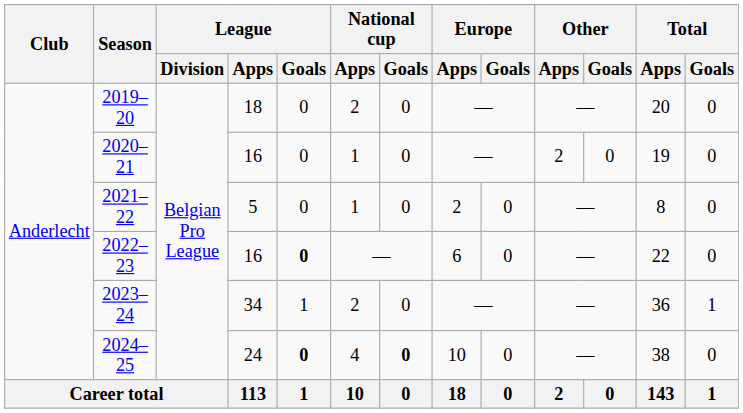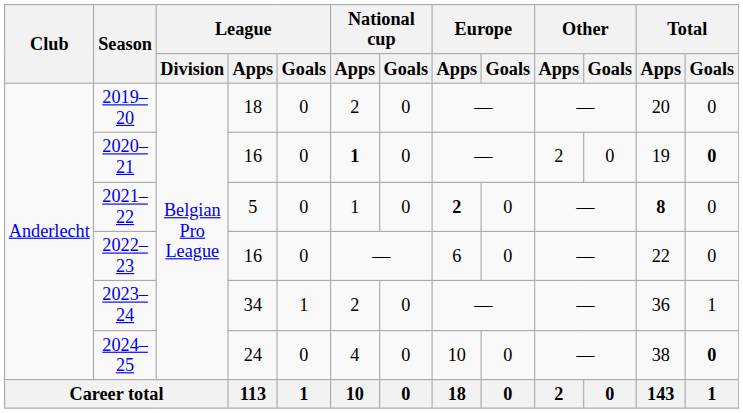 <table class=wikitable style=text-align:center>
 <tr>
 <th rowspan="2">Club</th>
 <th rowspan="2">Season</th>
 <th colspan="3">League</th>
 <th colspan="2">National cup</th>
 <th colspan="2">Europe</th>
 <th colspan="2">Other</th>
 <th colspan="2">Total</th>
 </tr>
 <tr>
 <th>Division</th>
 <th>Apps</th>
 <th>Goals</th>
 <th>Apps</th>
 <th>Goals</th>
 <th>Apps</th>
 <th>Goals</th>
 <th>Apps</th>
 <th>Goals</th>
 <th>Apps</th>
 <th>Goals</th>
 </tr>
 <tr>
 <td rowspan="6"><a href='#'>Anderlecht</a></td>
 <td><a href='#'>2019–20</a></td>
 <td rowspan="6"><a href='#'>Belgian Pro League</a></td>
 <td>18</td>
 <td>0</td>
 <td>2</td>
 <td>0</td>
 <td colspan="2">—</td>
 <td colspan="2">—</td>
 <td>20</td>
 <td>0</td>
 </tr>
 <tr>
 <td><a href='#'>2020–21</a></td>
 <td>16</td>
 <td>0</td>
-<td>1</td>
+<td><strong>1</strong></td>
 <td>0</td>
 <td colspan="2">—</td>
 <td>2</td>
 <td>0</td>
 <td>19</td>
-<td>0</td>
+<td><strong>0</strong></td>
 </tr>
 <tr>
 <td><a href='#'>2021–22</a></td>
 <td>5</td>
 <td>0</td>
 <td>1</td>
 <td>0</td>
-<td>2</td>
+<td><strong>2</strong></td>
 <td>0</td>
 <td colspan="2">—</td>
-<td>8</td>
+<td><strong>8</strong></td>
 <td>0</td>
 </tr>
 <tr>
 <td><a href='#'>2022–23</a></td>
 <td>16</td>
-<td><strong>0</strong></td>
+<td>0</td>
 <td colspan="2">—</td>
 <td>6</td>
 <td>0</td>
 <td colspan="2">—</td>
 <td>22</td>
 <td>0</td>
 </tr>
 <tr>
 <td><a href='#'>2023–24</a></td>
 <td>34</td>
 <td>1</td>
 <td>2</td>
 <td>0</td>
 <td colspan="2">—</td>
 <td colspan="2">—</td>
 <td>36</td>
 <td>1</td>
 </tr>
 <tr>
 <td><a href='#'>2024–25</a></td>
 <td>24</td>
-<td><strong>0</strong></td>
+<td>0</td>
 <td>4</td>
-<td><strong>0</strong></td>
+<td>0</td>
 <td>10</td>
 <td>0</td>
 <td colspan="2">—</td>
 <td>38</td>
-<td>0</td>
+<td><strong>0</strong></td>
 </tr>
 <tr>
 <th colspan="3">Career total</th>
 <th>113</th>
 <th>1</th>
 <th>10</th>
 <th>0</th>
 <th>18</th>
 <th>0</th>
 <th>2</th>
 <th>0</th>
 <th>143</th>
 <th>1</th>
 </tr>
 </table>
